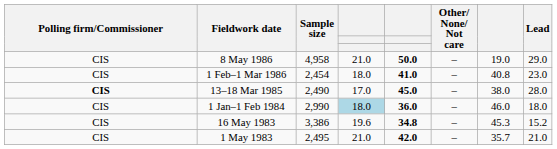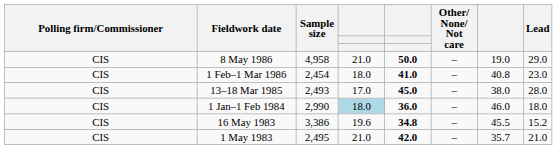 <table class="wikitable collapsible collapsed" style="text-align:center; font-size:90%; line-height:14px;">
 <tr style="height:42px;">
 <th style="width:250px;" rowspan="3">Polling firm/Commissioner</th>
 <th style="width:125px;" rowspan="3">Fieldwork date</th>
 <th style="width:50px;" rowspan="3">Sample size</th>
 <th style="width:55px;"></th>
 <th style="width:55px;"></th>
 <th style="width:55px;" rowspan="3">Other/<br>None/<br>Not<br>care</th>
 <th style="width:55px;" rowspan="3"></th>
 <th style="width:30px;" rowspan="3">Lead</th>
 </tr>
 <tr>
 <th style="color:inherit;background:"></th>
 <th style="color:inherit;background:"></th>
 </tr>
 <tr>
 <th></th>
 <th></th>
 </tr>
 <tr>
 <td>CIS</td>
 <td>8 May 1986</td>
 <td>4,958</td>
 <td>21.0</td>
 <td><strong>50.0</strong></td>
 <td>–</td>
 <td>19.0</td>
 <td style="background:">29.0</td>
 </tr>
 <tr>
 <td>CIS</td>
 <td>1 Feb–1 Mar 1986</td>
 <td>2,454</td>
 <td>18.0</td>
 <td><strong>41.0</strong></td>
 <td>–</td>
 <td>40.8</td>
 <td style="background:">23.0</td>
 </tr>
 <tr>
-<td><strong>CIS</strong></td>
+<td>CIS</td>
 <td>13–18 Mar 1985</td>
-<td>2,490</td>
+<td>2,493</td>
 <td>17.0</td>
 <td><strong>45.0</strong></td>
 <td>–</td>
 <td>38.0</td>
 <td style="background:">28.0</td>
 </tr>
 <tr>
 <td>CIS</td>
 <td>1 Jan–1 Feb 1984</td>
 <td>2,990</td>
 <td style="background: lightblue;">18.0</td>
 <td><strong>36.0</strong></td>
 <td>–</td>
 <td>46.0</td>
 <td style="background:">18.0</td>
 </tr>
 <tr>
 <td>CIS</td>
 <td>16 May 1983</td>
 <td>3,386</td>
 <td>19.6</td>
 <td><strong>34.8</strong></td>
 <td>–</td>
-<td>45.3</td>
+<td>45.5</td>
 <td style="background:">15.2</td>
 </tr>
 <tr>
 <td>CIS</td>
 <td>1 May 1983</td>
 <td>2,495</td>
 <td>21.0</td>
 <td><strong>42.0</strong></td>
 <td>–</td>
 <td>35.7</td>
 <td style="background:">21.0</td>
 </tr>
 </table>
